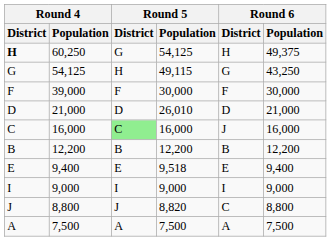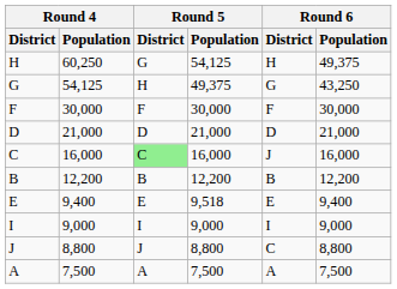 <table class="wikitable">
 <tr>
 <th colspan="2">Round 4</th>
 <th colspan="2">Round 5</th>
 <th colspan="2">Round 6</th>
 </tr>
 <tr>
 <th>District</th>
 <th>Population</th>
 <th>District</th>
 <th>Population</th>
 <th>District</th>
 <th>Population</th>
 </tr>
 <tr>
-<td><strong>H</strong></td>
+<td>H</td>
 <td>60,250</td>
 <td>G</td>
 <td>54,125</td>
 <td>H</td>
 <td>49,375</td>
 </tr>
 <tr>
 <td>G</td>
 <td>54,125</td>
 <td>H</td>
-<td>49,115</td>
+<td>49,375</td>
 <td>G</td>
 <td>43,250</td>
 </tr>
 <tr>
 <td>F</td>
-<td>39,000</td>
+<td>30,000</td>
 <td>F</td>
 <td>30,000</td>
 <td>F</td>
 <td>30,000</td>
 </tr>
 <tr>
 <td>D</td>
 <td>21,000</td>
 <td>D</td>
-<td>26,010</td>
+<td>21,000</td>
 <td>D</td>
 <td>21,000</td>
 </tr>
 <tr>
 <td>C</td>
 <td>16,000</td>
 <td style="background: lightgreen;">C</td>
 <td>16,000</td>
 <td>J</td>
 <td>16,000</td>
 </tr>
 <tr>
 <td>B</td>
 <td>12,200</td>
 <td>B</td>
 <td>12,200</td>
 <td>B</td>
 <td>12,200</td>
 </tr>
 <tr>
 <td>E</td>
 <td>9,400</td>
 <td>E</td>
 <td>9,518</td>
 <td>E</td>
 <td>9,400</td>
 </tr>
 <tr>
 <td>I</td>
 <td>9,000</td>
 <td>I</td>
 <td>9,000</td>
 <td>I</td>
 <td>9,000</td>
 </tr>
 <tr>
 <td>J</td>
 <td>8,800</td>
 <td>J</td>
-<td>8,820</td>
+<td>8,800</td>
 <td>C</td>
 <td>8,800</td>
 </tr>
 <tr>
 <td>A</td>
 <td>7,500</td>
 <td>A</td>
 <td>7,500</td>
 <td>A</td>
 <td>7,500</td>
 </tr>
 </table>
